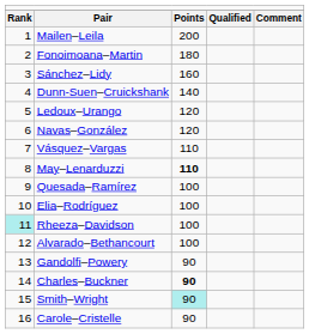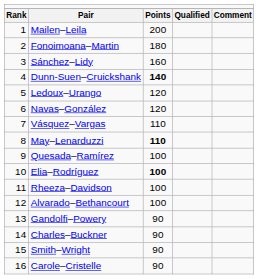 <table class="wikitable">
 <tr>
 <td colspan=5 align="center"></td>
 </tr>
 <tr>
 </tr>
 <tr style="font-size:10pt;font-weight:bold">
 <th>Rank</th>
 <th>Pair</th>
 <th>Points</th>
 <th>Qualified</th>
 <th>Comment</th>
 </tr>
 <tr>
 <td align=right>1</td>
 <td> <a href='#'>Mailen</a>–<a href='#'>Leila</a></td>
 <td align=center>200</td>
 <td></td>
 <td></td>
 </tr>
 <tr>
 <td align=right>2</td>
 <td> <a href='#'>Fonoimoana</a>–<a href='#'>Martin</a></td>
 <td align=center>180</td>
 <td></td>
 <td></td>
 </tr>
 <tr>
 <td align=right>3</td>
 <td> <a href='#'>Sánchez</a>–<a href='#'>Lidy</a></td>
 <td align=center>160</td>
 <td></td>
 <td></td>
 </tr>
 <tr>
 <td align=right>4</td>
 <td> <a href='#'>Dunn-Suen</a>–<a href='#'>Cruickshank</a></td>
-<td align=center>140</td>
+<td align=center><strong>140</strong></td>
 <td></td>
 <td></td>
 </tr>
 <tr>
 <td align=right>5</td>
 <td> <a href='#'>Ledoux</a>–<a href='#'>Urango</a></td>
 <td align=center>120</td>
 <td></td>
 <td></td>
 </tr>
 <tr>
 <td align=right>6</td>
 <td> <a href='#'>Navas</a>–<a href='#'>González</a></td>
 <td align=center>120</td>
 <td></td>
 <td></td>
 </tr>
 <tr>
 <td align=right>7</td>
 <td> <a href='#'>Vásquez</a>–<a href='#'>Vargas</a></td>
 <td align=center>110</td>
 <td></td>
 <td></td>
 </tr>
 <tr>
 <td align=right>8</td>
 <td> <a href='#'>May</a>–<a href='#'>Lenarduzzi</a></td>
 <td align=center><strong>110</strong></td>
 <td></td>
 <td></td>
 </tr>
 <tr>
 <td align=right>9</td>
 <td> <a href='#'>Quesada</a>–<a href='#'>Ramírez</a></td>
 <td align=center>100</td>
 <td></td>
 <td></td>
 </tr>
 <tr>
 <td align=right>10</td>
 <td> <a href='#'>Elia</a>–<a href='#'>Rodríguez</a></td>
-<td align=center>100</td>
+<td align=center><strong>100</strong></td>
 <td></td>
 <td></td>
 </tr>
 <tr>
-<td align=right style="background: paleturquoise;">11</td>
+<td align=right>11</td>
 <td> <a href='#'>Rheeza</a>–<a href='#'>Davidson</a></td>
 <td align=center>100</td>
 <td></td>
 <td></td>
 </tr>
 <tr>
 <td align=right>12</td>
 <td> <a href='#'>Alvarado</a>–<a href='#'>Bethancourt</a></td>
 <td align=center>100</td>
 <td></td>
 <td></td>
 </tr>
 <tr>
 <td align=right>13</td>
 <td> <a href='#'>Gandolfi</a>–<a href='#'>Powery</a></td>
 <td align=center>90</td>
 <td></td>
 <td></td>
 </tr>
 <tr>
 <td align=right>14</td>
 <td> <a href='#'>Charles</a>–<a href='#'>Buckner</a></td>
-<td align=center><strong>90</strong></td>
+<td align=center>90</td>
 <td></td>
 <td></td>
 </tr>
 <tr>
 <td align=right>15</td>
 <td> <a href='#'>Smith</a>–<a href='#'>Wright</a></td>
-<td align=center style="background: paleturquoise;">90</td>
+<td align=center>90</td>
 <td></td>
 <td></td>
 </tr>
 <tr>
 <td align=right>16</td>
 <td> <a href='#'>Carole</a>–<a href='#'>Cristelle</a></td>
 <td align=center>90</td>
 <td></td>
 <td></td>
 </tr>
 </table>
